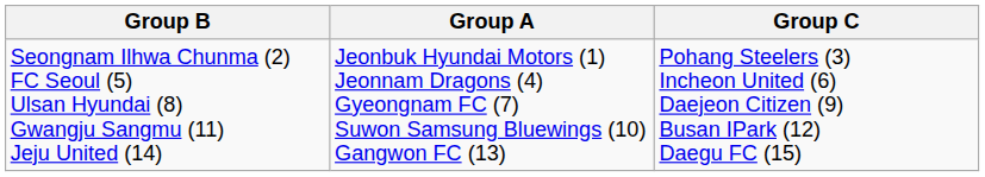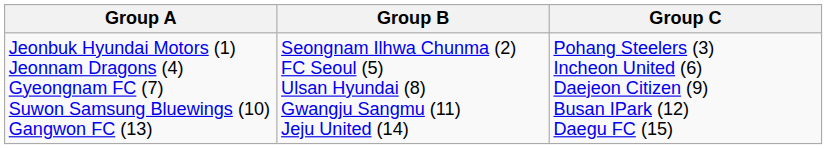 <table class="wikitable">
 <tr>
+<th width="33%">Group A</th>
 <th width="33%">Group B</th>
-<th width="33%">Group A</th>
 <th width="33%">Group C</th>
 </tr>
 <tr>
+<td><a href='#'>Jeonbuk Hyundai Motors</a> (1)<br><a href='#'>Jeonnam Dragons</a> (4)<br><a href='#'>Gyeongnam FC</a> (7)<br><a href='#'>Suwon Samsung Bluewings</a> (10)<br><a href='#'>Gangwon FC</a> (13)</td>
 <td><a href='#'>Seongnam Ilhwa Chunma</a> (2)<br><a href='#'>FC Seoul</a> (5)<br><a href='#'>Ulsan Hyundai</a> (8)<br><a href='#'>Gwangju Sangmu</a> (11)<br><a href='#'>Jeju United</a> (14)</td>
-<td><a href='#'>Jeonbuk Hyundai Motors</a> (1)<br><a href='#'>Jeonnam Dragons</a> (4)<br><a href='#'>Gyeongnam FC</a> (7)<br><a href='#'>Suwon Samsung Bluewings</a> (10)<br><a href='#'>Gangwon FC</a> (13)</td>
 <td><a href='#'>Pohang Steelers</a> (3)<br><a href='#'>Incheon United</a> (6)<br><a href='#'>Daejeon Citizen</a> (9)<br><a href='#'>Busan IPark</a> (12)<br><a href='#'>Daegu FC</a> (15)</td>
 </tr>
 </table>
